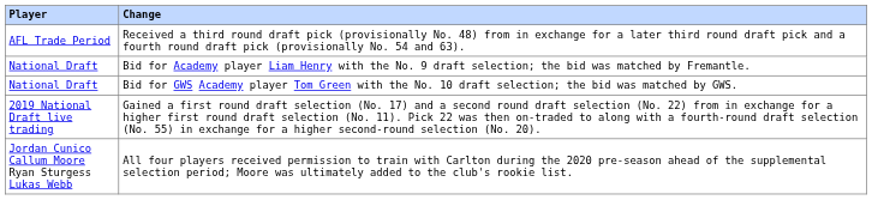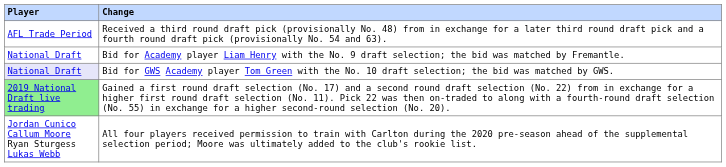 <table border="1" cellpadding="4" cellspacing="0"  style="text-align:left; font-size:95%; border-collapse:collapse; width:80%;">
 <tr style="background:#C1D8FF;">
 <th>Player</th>
 <th>Change</th>
 </tr>
 <tr>
 <td><a href='#'>AFL Trade Period</a></td>
 <td>Received a third round draft pick (provisionally No. 48) from  in exchange for a later third round draft pick and a fourth round draft pick (provisionally No. 54 and 63).</td>
 </tr>
 <tr>
 <td><a href='#'>National Draft</a></td>
 <td>Bid for  <a href='#'>Academy</a> player <a href='#'>Liam Henry</a> with the No. 9 draft selection; the bid was matched by Fremantle.</td>
 </tr>
 <tr>
-<td><a href='#'>National Draft</a></td>
+<td style="background: lavender;"><a href='#'>National Draft</a></td>
 <td>Bid for <a href='#'>GWS</a> <a href='#'>Academy</a> player <a href='#'>Tom Green</a> with the No. 10 draft selection; the bid was matched by GWS.</td>
 </tr>
 <tr>
-<td><a href='#'>2019 National Draft live trading</a></td>
+<td style="background: lightgreen;"><a href='#'>2019 National Draft live trading</a></td>
 <td>Gained a first round draft selection (No. 17) and a second round draft selection (No. 22) from  in exchange for a higher first round draft selection (No. 11). Pick 22 was then on-traded to  along with a fourth-round draft selection (No. 55) in exchange for a higher second-round selection (No. 20).</td>
 </tr>
 <tr>
 <td> <a href='#'>Jordan Cunico</a><br> <a href='#'>Callum Moore</a><br> Ryan Sturgess<br> <a href='#'>Lukas Webb</a></td>
 <td>All four players received permission to train with Carlton during the 2020 pre-season ahead of the supplemental selection period; Moore was ultimately added to the club's rookie list.</td>
 </tr>
 </table>
